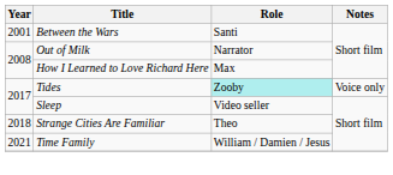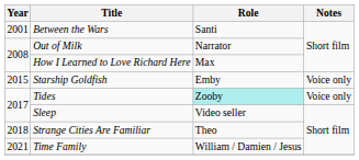 <table class="wikitable plainrowheaders sortable">
 <tr>
 <th scope="col">Year</th>
 <th scope="col">Title</th>
 <th scope="col">Role</th>
 <th class="unsortable">Notes</th>
 </tr>
 <tr>
 <td>2001</td>
 <td><em>Between the Wars</em></td>
 <td>Santi</td>
 <td rowspan="3'">Short film</td>
 </tr>
 <tr>
 <td rowspan="2">2008</td>
 <td><em>Out of Milk</em></td>
 <td>Narrator</td>
 </tr>
 <tr>
 <td><em>How I Learned to Love Richard Here</em></td>
 <td>Max</td>
+</tr>
+<tr>
+<td>2015</td>
+<td><em>Starship Goldfish</em></td>
+<td>Emby</td>
+<td>Voice only</td>
 </tr>
 <tr>
 <td rowspan="2">2017</td>
 <td><em>Tides</em></td>
 <td style="background: paleturquoise;">Zooby</td>
 <td>Voice only</td>
 </tr>
 <tr>
 <td><em>Sleep</em></td>
 <td>Video seller</td>
 <td rowspan="3">Short film</td>
 </tr>
 <tr>
 <td>2018</td>
 <td><em>Strange Cities Are Familiar</em></td>
 <td>Theo</td>
 </tr>
 <tr>
 <td>2021</td>
 <td><em>Time Family</em></td>
 <td>William / Damien / Jesus</td>
 </tr>
 <tr>
 </tr>
 </table>
